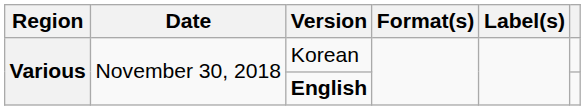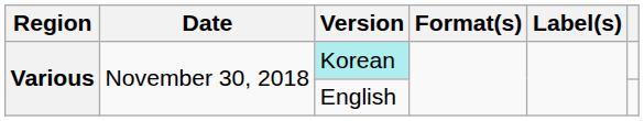 <table class="wikitable plainrowheaders">
 <tr>
 <th>Region</th>
 <th>Date</th>
 <th>Version</th>
 <th>Format(s)</th>
 <th>Label(s)</th>
 <th></th>
 </tr>
 <tr>
 <th rowspan="2" scope="row">Various</th>
 <td rowspan="2">November 30, 2018</td>
-<td>Korean</td>
+<td style="background: paleturquoise;">Korean</td>
 <td rowspan="2"></td>
 <td rowspan="2"></td>
 <td style="text-align: center;"></td>
 </tr>
 <tr>
-<td><strong>English</strong></td>
+<td>English</td>
 <td style="text-align: center;"></td>
 </tr>
 </table>
